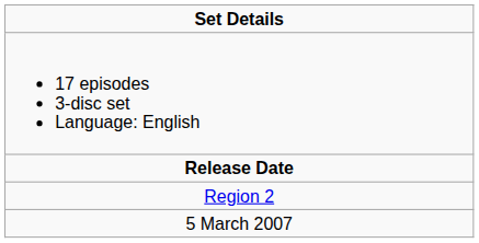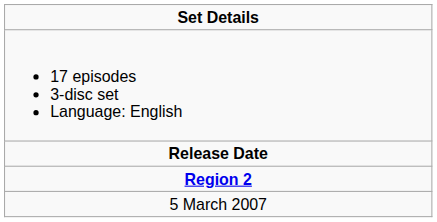 <table class="wikitable" style="font-size: 95%;">
 <tr valign="top">
 <td align="center" width="400" colspan="3"><strong>Set Details</strong></td>
 </tr>
 <tr valign="top">
 <td colspan="3" align="left" width="400"><br><ul><li>17 episodes</li><li>3-disc set</li><li>Language: English</li></ul></td>
 </tr>
 <tr>
 <td colspan="3" align="center"><strong>Release Date</strong></td>
 </tr>
 <tr>
-<td align="center"><a href='#'>Region 2</a></td>
+<td align="center"><strong><a href='#'>Region 2</a></strong></td>
 </tr>
 <tr>
 <td align="center">5 March 2007</td>
 </tr>
 </table>
